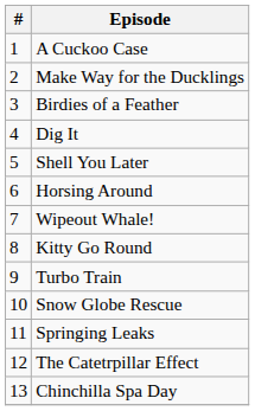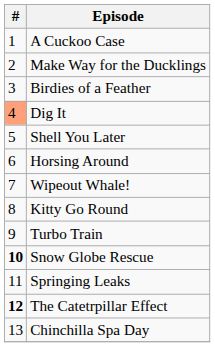 <table class="wikitable sortable">
 <tr>
 <th>#</th>
 <th>Episode</th>
 </tr>
 <tr>
 <td>1</td>
 <td>A Cuckoo Case</td>
 </tr>
 <tr>
 <td>2</td>
 <td>Make Way for the Ducklings</td>
 </tr>
 <tr>
 <td>3</td>
 <td>Birdies of a Feather</td>
 </tr>
 <tr>
-<td>4</td>
+<td style="background: lightsalmon;">4</td>
 <td>Dig It</td>
 </tr>
 <tr>
 <td>5</td>
 <td>Shell You Later</td>
 </tr>
 <tr>
 <td>6</td>
 <td>Horsing Around</td>
 </tr>
 <tr>
 <td>7</td>
 <td>Wipeout Whale!</td>
 </tr>
 <tr>
 <td>8</td>
 <td>Kitty Go Round</td>
 </tr>
 <tr>
 <td>9</td>
 <td>Turbo Train</td>
 </tr>
 <tr>
-<td>10</td>
+<td><strong>10</strong></td>
 <td>Snow Globe Rescue</td>
 </tr>
 <tr>
 <td>11</td>
 <td>Springing Leaks</td>
 </tr>
 <tr>
-<td>12</td>
+<td><strong>12</strong></td>
 <td>The Catetrpillar Effect</td>
 </tr>
 <tr>
 <td>13</td>
 <td>Chinchilla Spa Day</td>
 </tr>
 <tr>
 </tr>
 </table>
